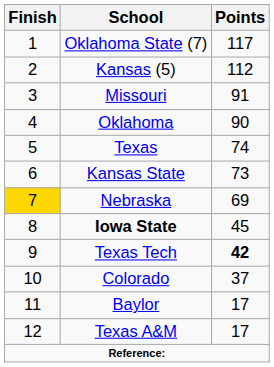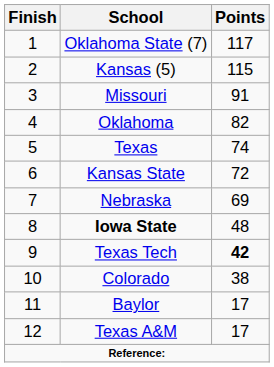 <table class="wikitable" style="text-align: center">
 <tr align=center>
 <th>Finish</th>
 <th>School</th>
 <th>Points</th>
 </tr>
 <tr>
 <td>1</td>
 <td><a href='#'>Oklahoma State</a> (7)</td>
 <td>117</td>
 </tr>
 <tr>
 <td>2</td>
 <td><a href='#'>Kansas</a> (5)</td>
-<td>112</td>
+<td>115</td>
 </tr>
 <tr>
 <td>3</td>
 <td><a href='#'>Missouri</a></td>
 <td>91</td>
 </tr>
 <tr>
 <td>4</td>
 <td><a href='#'>Oklahoma</a></td>
-<td>90</td>
+<td>82</td>
 </tr>
 <tr>
 <td>5</td>
 <td><a href='#'>Texas</a></td>
 <td>74</td>
 </tr>
 <tr>
 <td>6</td>
 <td><a href='#'>Kansas State</a></td>
-<td>73</td>
+<td>72</td>
 </tr>
 <tr>
-<td style="background: gold;">7</td>
+<td>7</td>
 <td><a href='#'>Nebraska</a></td>
 <td>69</td>
 </tr>
 <tr>
 <td>8</td>
 <td><strong>Iowa State</strong></td>
-<td>45</td>
+<td>48</td>
 </tr>
 <tr>
 <td>9</td>
 <td><a href='#'>Texas Tech</a></td>
 <td><strong>42</strong></td>
 </tr>
 <tr>
 <td>10</td>
 <td><a href='#'>Colorado</a></td>
-<td>37</td>
+<td>38</td>
 </tr>
 <tr>
 <td>11</td>
 <td><a href='#'>Baylor</a></td>
 <td>17</td>
 </tr>
 <tr>
 <td>12</td>
 <td><a href='#'>Texas A&M</a></td>
 <td>17</td>
 </tr>
 <tr>
 <td colspan="6"  style="font-size:8pt; text-align:center;"><strong>Reference:</strong></td>
 </tr>
 </table>
